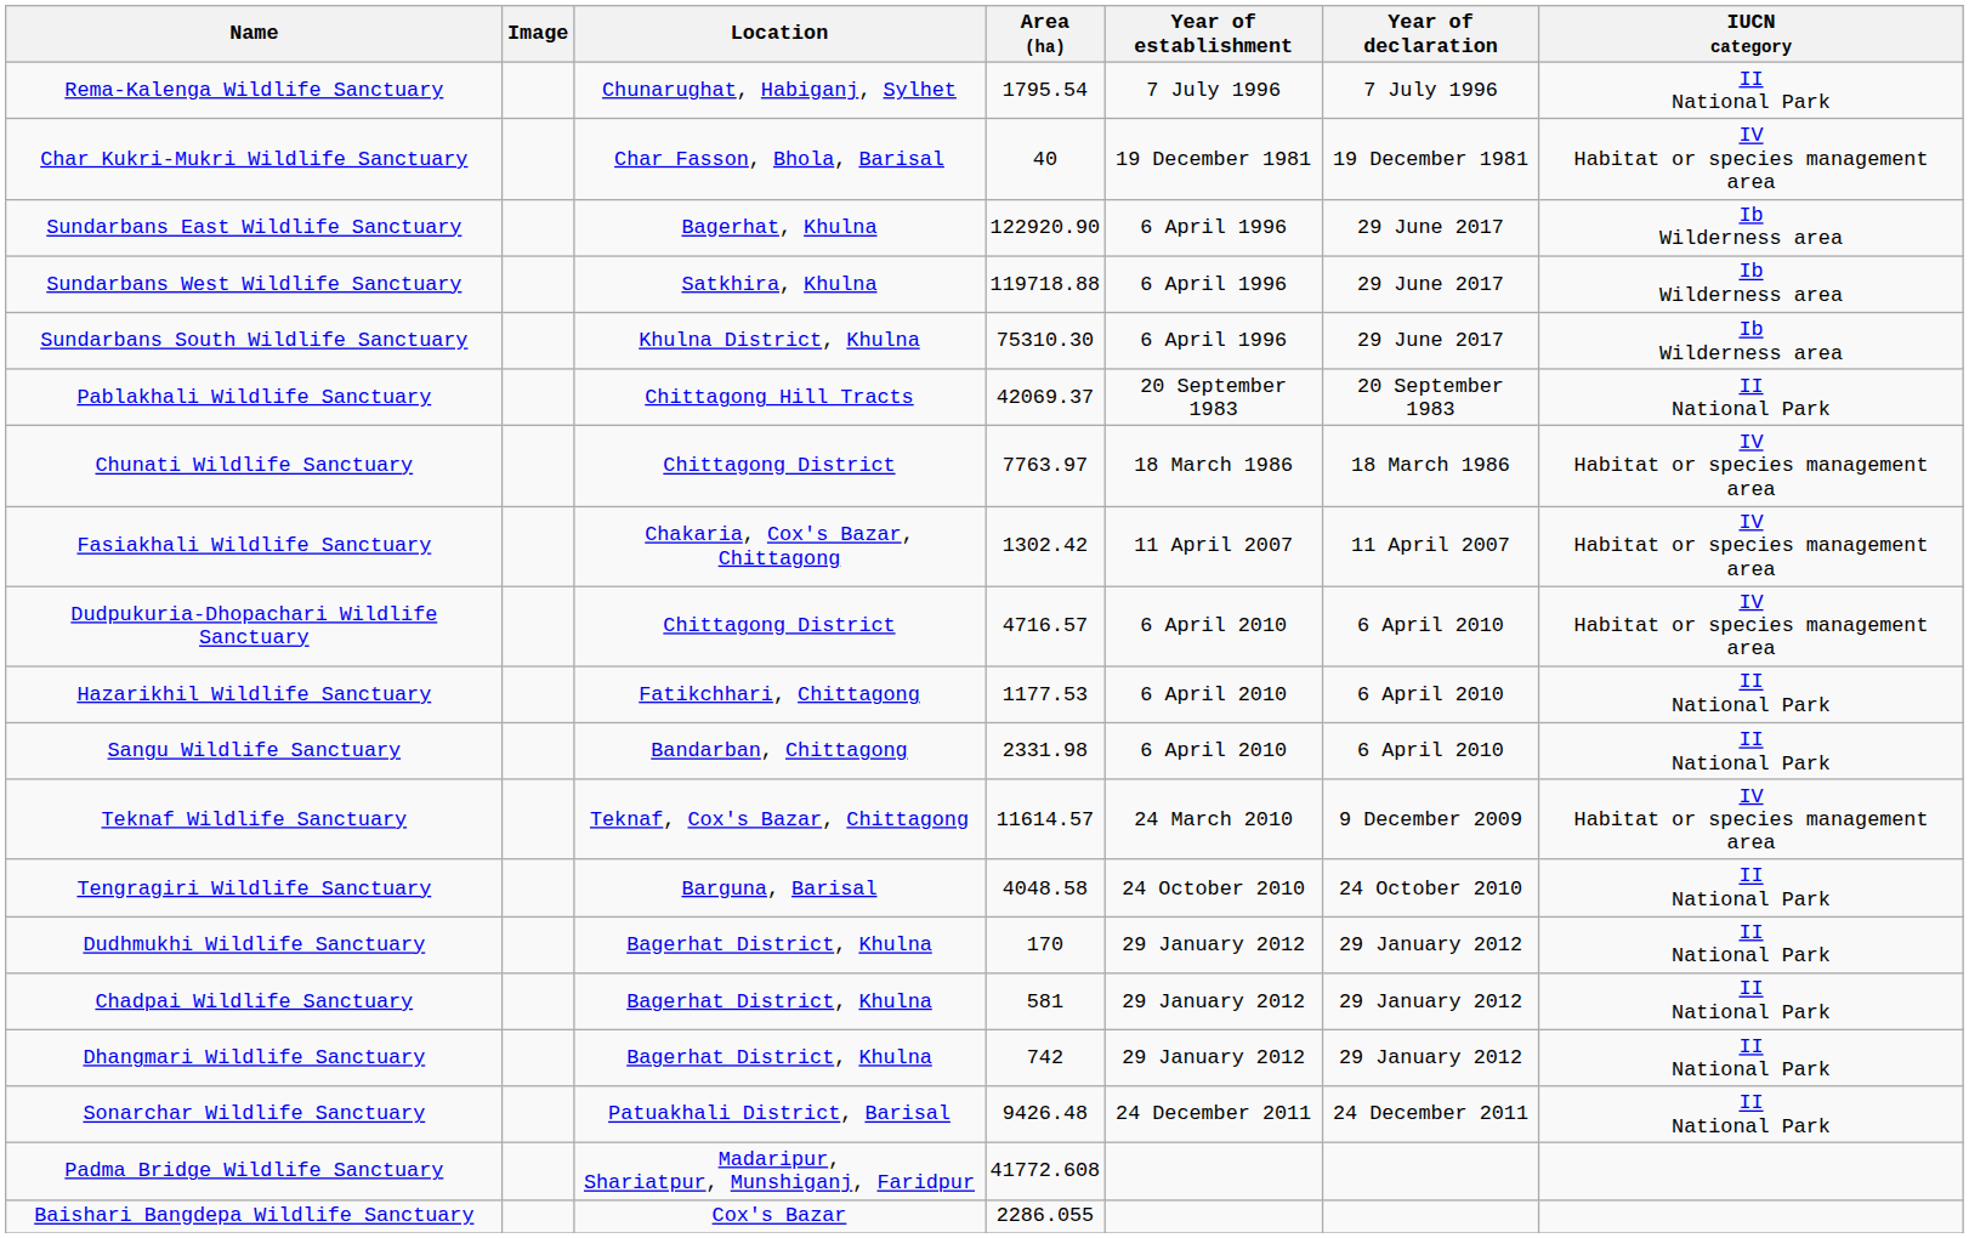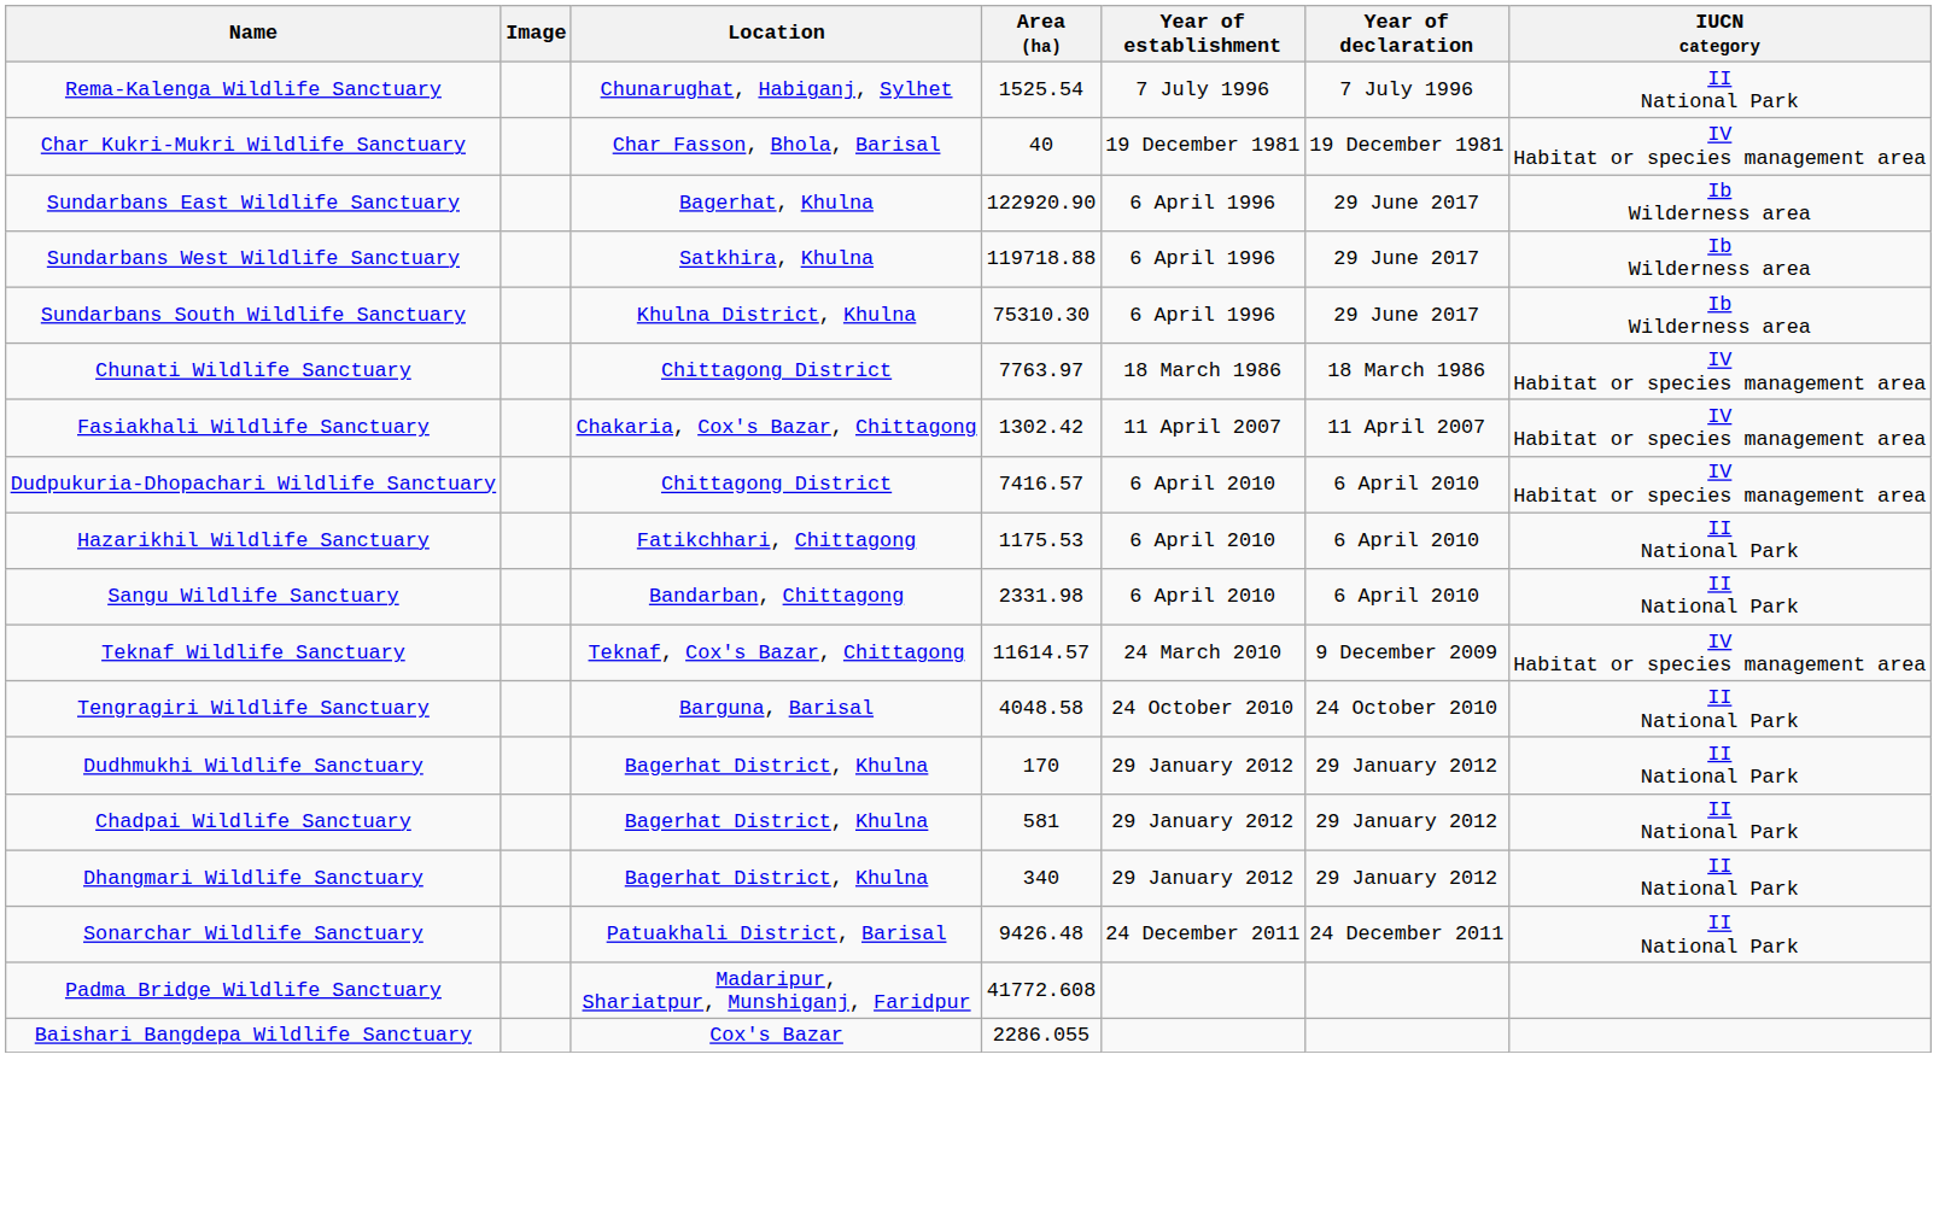 <table class="wikitable sortable sticky-header static-row-numbers static-row-header-hash" style="text-align:center">
 <tr>
 <th>Name</th>
 <th class="unsortable">Image</th>
 <th>Location</th>
 <th>Area<br><small>(ha)</small></th>
 <th>Year of<br>establishment</th>
 <th>Year of<br>declaration</th>
 <th>IUCN<br><small>category</small></th>
 </tr>
 <tr>
 <td><a href='#'>Rema-Kalenga Wildlife Sanctuary</a></td>
 <td></td>
 <td><a href='#'>Chunarughat</a>, <a href='#'>Habiganj</a>, <a href='#'>Sylhet</a></td>
-<td>1795.54</td>
+<td>1525.54</td>
 <td>7 July 1996</td>
 <td>7 July 1996</td>
 <td><a href='#'>II</a><br>National Park</td>
 </tr>
 <tr>
 <td><a href='#'>Char Kukri-Mukri Wildlife Sanctuary</a></td>
 <td></td>
 <td><a href='#'>Char Fasson</a>, <a href='#'>Bhola</a>, <a href='#'>Barisal</a></td>
 <td>40</td>
 <td>19 December 1981</td>
 <td>19 December 1981</td>
 <td><a href='#'>IV</a><br>Habitat or species management area</td>
 </tr>
 <tr>
 <td><a href='#'>Sundarbans East Wildlife Sanctuary</a></td>
 <td></td>
 <td><a href='#'>Bagerhat</a>, <a href='#'>Khulna</a></td>
 <td>122920.90</td>
 <td>6 April 1996</td>
 <td>29 June 2017</td>
 <td><a href='#'>Ib</a><br>Wilderness area</td>
 </tr>
 <tr>
 <td><a href='#'>Sundarbans West Wildlife Sanctuary</a></td>
 <td></td>
 <td><a href='#'>Satkhira</a>, <a href='#'>Khulna</a></td>
 <td>119718.88</td>
 <td>6 April 1996</td>
 <td>29 June 2017</td>
 <td><a href='#'>Ib</a><br>Wilderness area</td>
 </tr>
 <tr>
 <td><a href='#'>Sundarbans South Wildlife Sanctuary</a></td>
 <td></td>
 <td><a href='#'>Khulna District</a>, <a href='#'>Khulna</a></td>
 <td>75310.30</td>
 <td>6 April 1996</td>
 <td>29 June 2017</td>
 <td><a href='#'>Ib</a><br>Wilderness area</td>
 </tr>
 <tr>
-<td><a href='#'>Pablakhali Wildlife Sanctuary</a></td>
-<td></td>
-<td><a href='#'>Chittagong Hill Tracts</a></td>
-<td>42069.37</td>
-<td>20 September 1983</td>
-<td>20 September 1983</td>
-<td><a href='#'>II</a><br>National Park</td>
-</tr>
-<tr>
 <td><a href='#'>Chunati Wildlife Sanctuary</a></td>
 <td></td>
 <td><a href='#'>Chittagong District</a></td>
 <td>7763.97</td>
 <td>18 March 1986</td>
 <td>18 March 1986</td>
 <td><a href='#'>IV</a><br>Habitat or species management area</td>
 </tr>
 <tr>
 <td><a href='#'>Fasiakhali Wildlife Sanctuary</a></td>
 <td></td>
 <td><a href='#'>Chakaria</a>, <a href='#'>Cox's Bazar</a>, <a href='#'>Chittagong</a></td>
 <td>1302.42</td>
 <td>11 April 2007</td>
 <td>11 April 2007</td>
 <td><a href='#'>IV</a><br>Habitat or species management area</td>
 </tr>
 <tr>
 <td><a href='#'>Dudpukuria-Dhopachari Wildlife Sanctuary</a></td>
 <td></td>
 <td><a href='#'>Chittagong District</a></td>
-<td>4716.57</td>
+<td>7416.57</td>
 <td>6 April 2010</td>
 <td>6 April 2010</td>
 <td><a href='#'>IV</a><br>Habitat or species management area</td>
 </tr>
 <tr>
 <td><a href='#'>Hazarikhil Wildlife Sanctuary</a></td>
 <td></td>
 <td><a href='#'>Fatikchhari</a>, <a href='#'>Chittagong</a></td>
-<td>1177.53</td>
+<td>1175.53</td>
 <td>6 April 2010</td>
 <td>6 April 2010</td>
 <td><a href='#'>II</a><br>National Park</td>
 </tr>
 <tr>
 <td><a href='#'>Sangu Wildlife Sanctuary</a></td>
 <td></td>
 <td><a href='#'>Bandarban</a>, <a href='#'>Chittagong</a></td>
 <td>2331.98</td>
 <td>6 April 2010</td>
 <td>6 April 2010</td>
 <td><a href='#'>II</a><br>National Park</td>
 </tr>
 <tr>
 <td><a href='#'>Teknaf Wildlife Sanctuary</a></td>
 <td></td>
 <td><a href='#'>Teknaf</a>, <a href='#'>Cox's Bazar</a>, <a href='#'>Chittagong</a></td>
 <td>11614.57</td>
 <td>24 March 2010</td>
 <td>9 December 2009</td>
 <td><a href='#'>IV</a><br>Habitat or species management area</td>
 </tr>
 <tr>
 <td><a href='#'>Tengragiri Wildlife Sanctuary</a></td>
 <td></td>
 <td><a href='#'>Barguna</a>, <a href='#'>Barisal</a></td>
 <td>4048.58</td>
 <td>24 October 2010</td>
 <td>24 October 2010</td>
 <td><a href='#'>II</a><br>National Park</td>
 </tr>
 <tr>
 <td><a href='#'>Dudhmukhi Wildlife Sanctuary</a></td>
 <td></td>
 <td><a href='#'>Bagerhat District</a>, <a href='#'>Khulna</a></td>
 <td>170</td>
 <td>29 January 2012</td>
 <td>29 January 2012</td>
 <td><a href='#'>II</a><br>National Park</td>
 </tr>
 <tr>
 <td><a href='#'>Chadpai Wildlife Sanctuary</a></td>
 <td></td>
 <td><a href='#'>Bagerhat District</a>, <a href='#'>Khulna</a></td>
 <td>581</td>
 <td>29 January 2012</td>
 <td>29 January 2012</td>
 <td><a href='#'>II</a><br>National Park</td>
 </tr>
 <tr>
 <td><a href='#'>Dhangmari Wildlife Sanctuary</a></td>
 <td></td>
 <td><a href='#'>Bagerhat District</a>, <a href='#'>Khulna</a></td>
-<td>742</td>
+<td>340</td>
 <td>29 January 2012</td>
 <td>29 January 2012</td>
 <td><a href='#'>II</a><br>National Park</td>
 </tr>
 <tr>
 <td><a href='#'>Sonarchar Wildlife Sanctuary</a></td>
 <td></td>
 <td><a href='#'>Patuakhali District</a>, <a href='#'>Barisal</a></td>
 <td>9426.48</td>
 <td>24 December 2011</td>
 <td>24 December 2011</td>
 <td><a href='#'>II</a><br>National Park</td>
 </tr>
 <tr>
 <td><a href='#'>Padma Bridge Wildlife Sanctuary</a></td>
 <td></td>
 <td><a href='#'>Madaripur</a>,<br><a href='#'>Shariatpur</a>,  <a href='#'>Munshiganj</a>,  <a href='#'>Faridpur</a></td>
 <td>41772.608</td>
 <td></td>
 <td></td>
 <td></td>
 </tr>
 <tr>
 <td><a href='#'>Baishari Bangdepa Wildlife Sanctuary</a></td>
 <td></td>
 <td><a href='#'>Cox's Bazar</a></td>
 <td>2286.055</td>
 <td></td>
 <td></td>
 <td></td>
 </tr>
 </table>
